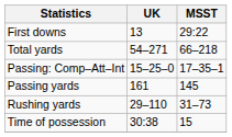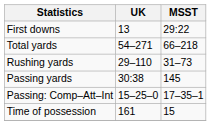 <table class="wikitable" style="float: left;">
 <tr>
 <th>Statistics</th>
 <th>UK</th>
 <th>MSST</th>
 </tr>
 <tr>
 <td>First downs</td>
 <td>13</td>
 <td>29:22</td>
 </tr>
 <tr>
 <td>Total yards</td>
 <td>54–271</td>
 <td>66–218</td>
 </tr>
 <tr>
+<td>Rushing yards</td>
+<td>29–110</td>
+<td>31–73</td>
+</tr>
+<tr>
+<td>Passing yards</td>
+<td>30:38</td>
+<td>145</td>
+</tr>
+<tr>
 <td>Passing: Comp–Att–Int</td>
 <td>15–25–0</td>
 <td>17–35–1</td>
 </tr>
 <tr>
-<td>Passing yards</td>
+<td>Time of possession</td>
 <td>161</td>
-<td>145</td>
-</tr>
-<tr>
-<td>Rushing yards</td>
-<td>29–110</td>
-<td>31–73</td>
-</tr>
-<tr>
-<td>Time of possession</td>
-<td>30:38</td>
 <td>15</td>
 </tr>
 <tr>
 </tr>
 </table>
